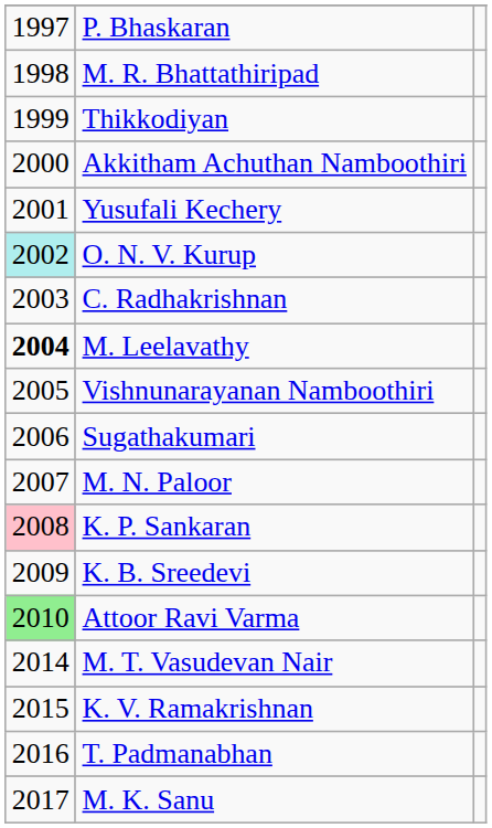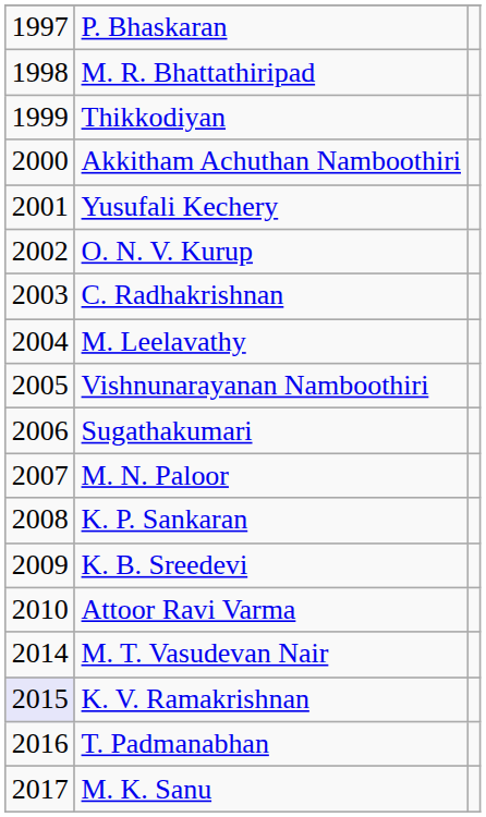 <table class="wikitable">
 <tr>
 </tr>
 <tr>
 </tr>
 <tr>
 <td>1997</td>
 <td><a href='#'>P. Bhaskaran</a></td>
 <td></td>
 </tr>
 <tr>
 <td>1998</td>
 <td><a href='#'>M. R. Bhattathiripad</a></td>
 <td></td>
 </tr>
 <tr>
 <td>1999</td>
 <td><a href='#'>Thikkodiyan</a></td>
 <td></td>
 </tr>
 <tr>
 <td>2000</td>
 <td><a href='#'>Akkitham Achuthan Namboothiri</a></td>
 <td></td>
 </tr>
 <tr>
 <td>2001</td>
 <td><a href='#'>Yusufali Kechery</a></td>
 <td></td>
 </tr>
 <tr>
-<td style="background: paleturquoise;">2002</td>
+<td>2002</td>
 <td><a href='#'>O. N. V. Kurup</a></td>
 <td></td>
 </tr>
 <tr>
 <td>2003</td>
 <td><a href='#'>C. Radhakrishnan</a></td>
 <td></td>
 </tr>
 <tr>
-<td><strong>2004</strong></td>
+<td>2004</td>
 <td><a href='#'>M. Leelavathy</a></td>
 <td></td>
 </tr>
 <tr>
 <td>2005</td>
 <td><a href='#'>Vishnunarayanan Namboothiri</a></td>
 <td></td>
 </tr>
 <tr>
 <td>2006</td>
 <td><a href='#'>Sugathakumari</a></td>
 <td></td>
 </tr>
 <tr>
 <td>2007</td>
 <td><a href='#'>M. N. Paloor</a></td>
 <td></td>
 </tr>
 <tr>
-<td style="background: pink;">2008</td>
+<td>2008</td>
 <td><a href='#'>K. P. Sankaran</a></td>
 <td></td>
 </tr>
 <tr>
 <td>2009</td>
 <td><a href='#'>K. B. Sreedevi</a></td>
 <td></td>
 </tr>
 <tr>
-<td style="background: lightgreen;">2010</td>
+<td>2010</td>
 <td><a href='#'>Attoor Ravi Varma</a></td>
 <td></td>
 </tr>
 <tr>
 <td>2014</td>
 <td><a href='#'>M. T. Vasudevan Nair</a></td>
 <td></td>
 </tr>
 <tr>
-<td>2015</td>
+<td style="background: lavender;">2015</td>
 <td><a href='#'>K. V. Ramakrishnan</a></td>
 <td></td>
 </tr>
 <tr>
 <td>2016</td>
 <td><a href='#'>T. Padmanabhan</a></td>
 <td></td>
 </tr>
 <tr>
 <td>2017</td>
 <td><a href='#'>M. K. Sanu</a></td>
 <td></td>
 </tr>
 </table>
